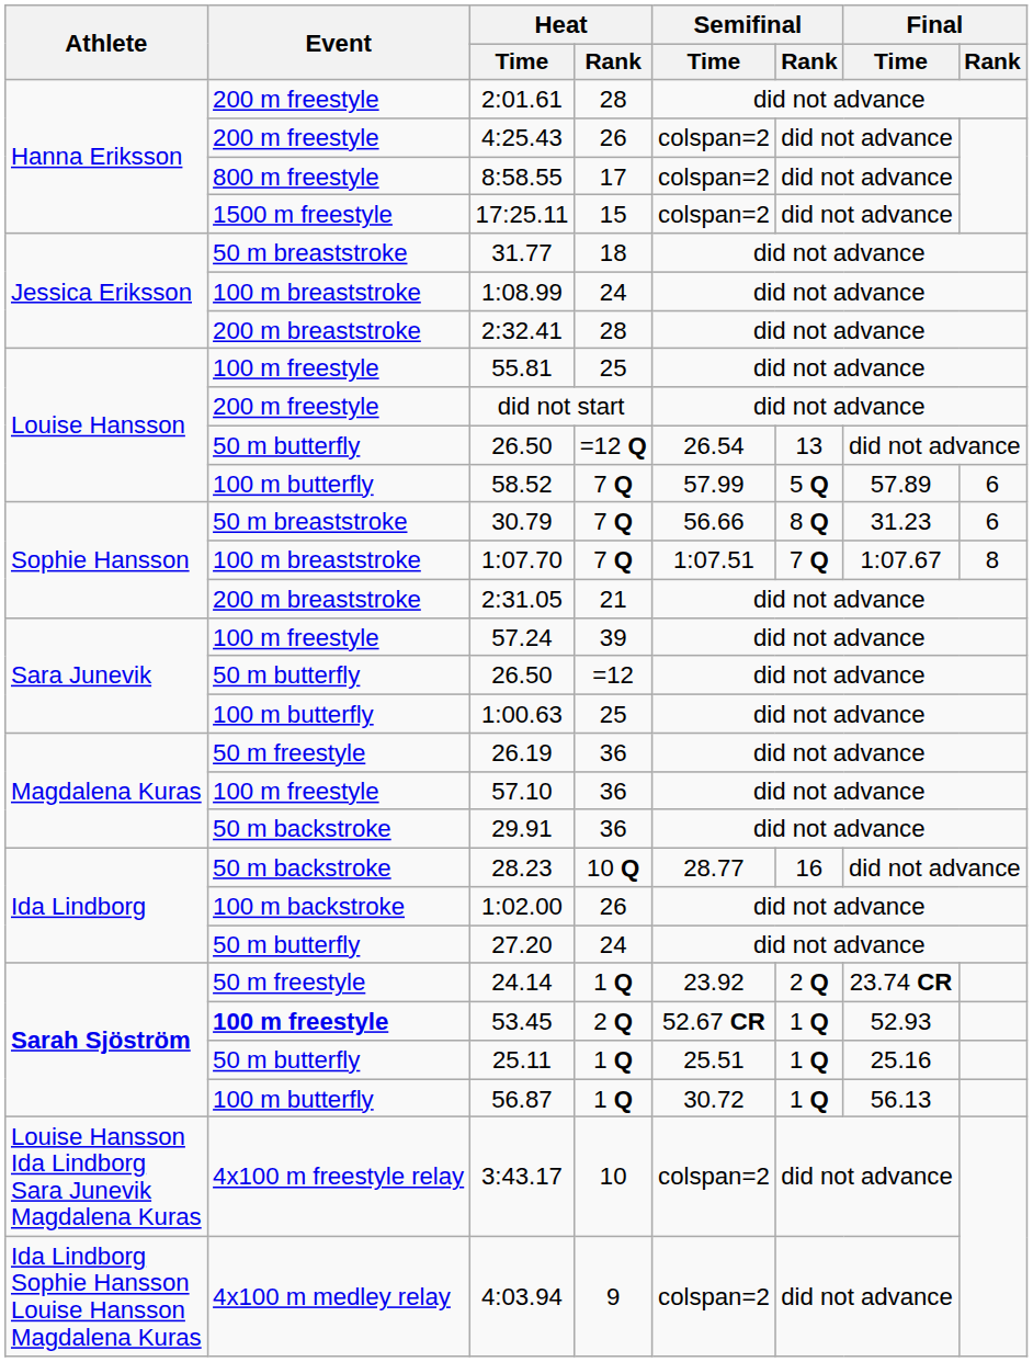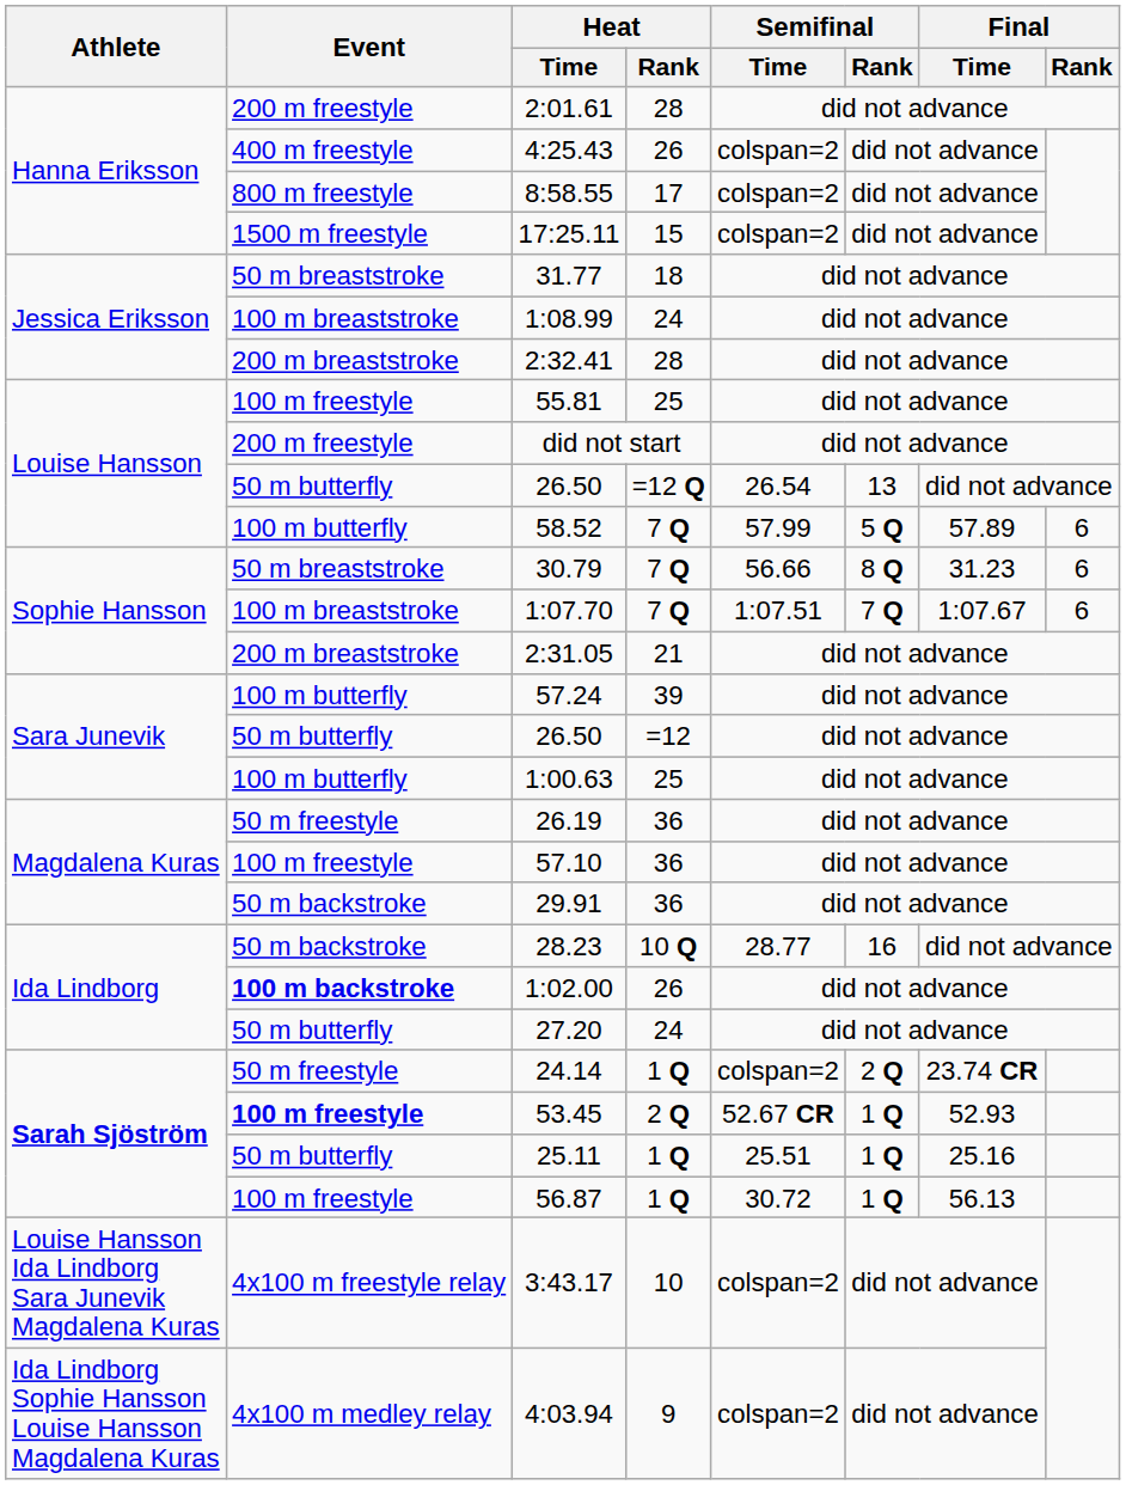 <table class=wikitable style="font-size:90%">
 <tr>
 <th rowspan="2">Athlete</th>
 <th rowspan="2">Event</th>
 <th colspan="2">Heat</th>
 <th colspan="2">Semifinal</th>
 <th colspan="2">Final</th>
 </tr>
 <tr style="font-size:95%">
 <th>Time</th>
 <th>Rank</th>
 <th>Time</th>
 <th>Rank</th>
 <th>Time</th>
 <th>Rank</th>
 </tr>
 <tr align=center>
 <td align=left rowspan=4><a href='#'>Hanna Eriksson</a></td>
 <td align=left><a href='#'>200 m freestyle</a></td>
 <td>2:01.61</td>
 <td>28</td>
 <td colspan=4>did not advance</td>
 </tr>
 <tr align=center>
-<td align=left><a href='#'>200 m freestyle</a></td>
+<td align=left><a href='#'>400 m freestyle</a></td>
 <td>4:25.43</td>
 <td>26</td>
 <td>colspan=2 </td>
 <td colspan=2>did not advance</td>
 </tr>
 <tr align=center>
 <td align=left><a href='#'>800 m freestyle</a></td>
 <td>8:58.55</td>
 <td>17</td>
 <td>colspan=2 </td>
 <td colspan=2>did not advance</td>
 </tr>
 <tr align=center>
 <td align=left><a href='#'>1500 m freestyle</a></td>
 <td>17:25.11</td>
 <td>15</td>
 <td>colspan=2 </td>
 <td colspan=2>did not advance</td>
 </tr>
 <tr align=center>
 <td align=left rowspan=3><a href='#'>Jessica Eriksson</a></td>
 <td align=left><a href='#'>50 m breaststroke</a></td>
 <td>31.77</td>
 <td>18</td>
 <td colspan=4>did not advance</td>
 </tr>
 <tr align=center>
 <td align=left><a href='#'>100 m breaststroke</a></td>
 <td>1:08.99</td>
 <td>24</td>
 <td colspan=4>did not advance</td>
 </tr>
 <tr align=center>
 <td align=left><a href='#'>200 m breaststroke</a></td>
 <td>2:32.41</td>
 <td>28</td>
 <td colspan=4>did not advance</td>
 </tr>
 <tr align=center>
 <td align=left rowspan=4><a href='#'>Louise Hansson</a></td>
 <td align=left><a href='#'>100 m freestyle</a></td>
 <td>55.81</td>
 <td>25</td>
 <td colspan=4>did not advance</td>
 </tr>
 <tr align=center>
 <td align=left><a href='#'>200 m freestyle</a></td>
 <td colspan=2>did not start</td>
 <td colspan=4>did not advance</td>
 </tr>
 <tr align=center>
 <td align=left><a href='#'>50 m butterfly</a></td>
 <td>26.50</td>
 <td>=12 <strong>Q</strong></td>
 <td>26.54</td>
 <td>13</td>
 <td colspan=2>did not advance</td>
 </tr>
 <tr align=center>
 <td align=left><a href='#'>100 m butterfly</a></td>
 <td>58.52</td>
 <td>7 <strong>Q</strong></td>
 <td>57.99</td>
 <td>5 <strong>Q</strong></td>
 <td>57.89</td>
 <td>6</td>
 </tr>
 <tr align=center>
 <td align=left rowspan=3><a href='#'>Sophie Hansson</a></td>
 <td align=left><a href='#'>50 m breaststroke</a></td>
 <td>30.79</td>
 <td>7 <strong>Q</strong></td>
 <td>56.66</td>
 <td>8 <strong>Q</strong></td>
 <td>31.23</td>
 <td>6</td>
 </tr>
 <tr align=center>
 <td align=left><a href='#'>100 m breaststroke</a></td>
 <td>1:07.70</td>
 <td>7 <strong>Q</strong></td>
 <td>1:07.51</td>
 <td>7 <strong>Q</strong></td>
 <td>1:07.67</td>
-<td>8</td>
+<td>6</td>
 </tr>
 <tr align=center>
 <td align=left><a href='#'>200 m breaststroke</a></td>
 <td>2:31.05</td>
 <td>21</td>
 <td colspan=4>did not advance</td>
 </tr>
 <tr align=center>
 <td align=left rowspan=3><a href='#'>Sara Junevik</a></td>
-<td align=left><a href='#'>100 m freestyle</a></td>
+<td align=left><a href='#'>100 m butterfly</a></td>
 <td>57.24</td>
 <td>39</td>
 <td colspan=4>did not advance</td>
 </tr>
 <tr align=center>
 <td align=left><a href='#'>50 m butterfly</a></td>
 <td>26.50</td>
 <td>=12</td>
 <td colspan=4>did not advance</td>
 </tr>
 <tr align=center>
 <td align=left><a href='#'>100 m butterfly</a></td>
 <td>1:00.63</td>
 <td>25</td>
 <td colspan=4>did not advance</td>
 </tr>
 <tr align=center>
 <td align=left rowspan=3><a href='#'>Magdalena Kuras</a></td>
 <td align=left><a href='#'>50 m freestyle</a></td>
 <td>26.19</td>
 <td>36</td>
 <td colspan=4>did not advance</td>
 </tr>
 <tr align=center>
 <td align=left><a href='#'>100 m freestyle</a></td>
 <td>57.10</td>
 <td>36</td>
 <td colspan=4>did not advance</td>
 </tr>
 <tr align=center>
 <td align=left><a href='#'>50 m backstroke</a></td>
 <td>29.91</td>
 <td>36</td>
 <td colspan=4>did not advance</td>
 </tr>
 <tr align=center>
 <td align=left rowspan=3><a href='#'>Ida Lindborg</a></td>
 <td align=left><a href='#'>50 m backstroke</a></td>
 <td>28.23</td>
 <td>10 <strong>Q</strong></td>
 <td>28.77</td>
 <td>16</td>
 <td colspan=2>did not advance</td>
 </tr>
 <tr align=center>
-<td align=left><a href='#'>100 m backstroke</a></td>
+<td align=left><strong><a href='#'>100 m backstroke</a></strong></td>
 <td>1:02.00</td>
 <td>26</td>
 <td colspan=4>did not advance</td>
 </tr>
 <tr align=center>
 <td align=left><a href='#'>50 m butterfly</a></td>
 <td>27.20</td>
 <td>24</td>
 <td colspan=4>did not advance</td>
 </tr>
 <tr align=center>
 <td align=left rowspan=4><strong><a href='#'>Sarah Sjöström</a></strong></td>
 <td align=left><a href='#'>50 m freestyle</a></td>
 <td>24.14</td>
 <td>1 <strong>Q</strong></td>
-<td>23.92</td>
+<td>colspan=2 </td>
 <td>2 <strong>Q</strong></td>
 <td>23.74 <strong>CR</strong></td>
 <td></td>
 </tr>
 <tr align=center>
 <td align=left><strong><a href='#'>100 m freestyle</a></strong></td>
 <td>53.45</td>
 <td>2 <strong>Q</strong></td>
 <td>52.67 <strong>CR</strong></td>
 <td>1 <strong>Q</strong></td>
 <td>52.93</td>
 <td></td>
 </tr>
 <tr align=center>
 <td align=left><a href='#'>50 m butterfly</a></td>
 <td>25.11</td>
 <td>1 <strong>Q</strong></td>
 <td>25.51</td>
 <td>1 <strong>Q</strong></td>
 <td>25.16</td>
 <td></td>
 </tr>
 <tr align=center>
-<td align=left><a href='#'>100 m butterfly</a></td>
+<td align=left><a href='#'>100 m freestyle</a></td>
 <td>56.87</td>
 <td>1 <strong>Q</strong></td>
 <td>30.72</td>
 <td>1 <strong>Q</strong></td>
 <td>56.13</td>
 <td></td>
 </tr>
 <tr align=center>
 <td align=left><a href='#'>Louise Hansson</a><br><a href='#'>Ida Lindborg</a><br><a href='#'>Sara Junevik</a><br><a href='#'>Magdalena Kuras</a></td>
 <td align=left><a href='#'>4x100 m freestyle relay</a></td>
 <td>3:43.17</td>
 <td>10</td>
 <td>colspan=2 </td>
 <td colspan=2>did not advance</td>
 </tr>
 <tr align=center>
 <td align=left><a href='#'>Ida Lindborg</a><br><a href='#'>Sophie Hansson</a><br><a href='#'>Louise Hansson</a><br><a href='#'>Magdalena Kuras</a></td>
 <td align=left><a href='#'>4x100 m medley relay</a></td>
 <td>4:03.94</td>
 <td>9</td>
 <td>colspan=2 </td>
 <td colspan=2>did not advance</td>
 </tr>
 </table>
